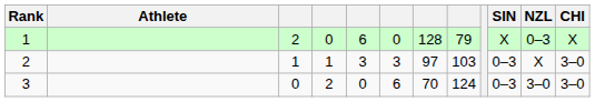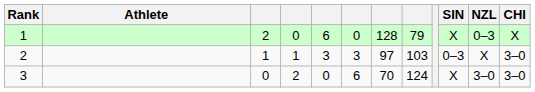 <table class="wikitable" style="text-align:center">
 <tr>
 <th>Rank</th>
 <th width=250>Athlete</th>
 <th width=30></th>
 <th width=30></th>
 <th width=30></th>
 <th width=30></th>
 <th width=30></th>
 <th width=30></th>
 <th rowspan=4></th>
 <th width=30>SIN</th>
 <th width=30>NZL</th>
 <th width=30>CHI</th>
 </tr>
 <tr style="background-color:#ccffcc;">
 <td>1</td>
 <td align=left></td>
 <td>2</td>
 <td>0</td>
 <td>6</td>
 <td>0</td>
 <td>128</td>
 <td>79</td>
 <td>X</td>
 <td>0–3</td>
 <td>X</td>
 </tr>
 <tr>
 <td>2</td>
 <td align=left></td>
 <td>1</td>
 <td>1</td>
 <td>3</td>
 <td>3</td>
 <td>97</td>
 <td>103</td>
 <td>0–3</td>
 <td>X</td>
 <td>3–0</td>
 </tr>
 <tr>
 <td>3</td>
 <td align=left></td>
 <td>0</td>
 <td>2</td>
 <td>0</td>
 <td>6</td>
 <td>70</td>
 <td>124</td>
-<td>0–3</td>
+<td>X</td>
 <td>3–0</td>
 <td>3–0</td>
 </tr>
 </table>
